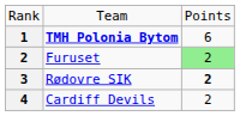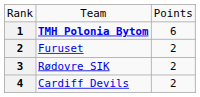 <table class="wikitable" style="text-align: center;">
 <tr>
 <td>Rank</td>
 <td>Team</td>
 <td>Points</td>
 </tr>
 <tr>
 <th>1</th>
 <td style="text-align: left;"> <strong><a href='#'>TMH Polonia Bytom</a></strong></td>
 <td>6</td>
 </tr>
 <tr>
 <th>2</th>
 <td style="text-align: left;"> <a href='#'>Furuset</a></td>
-<td style="background: lightgreen;">2</td>
+<td>2</td>
 </tr>
 <tr>
 <th>3</th>
 <td style="text-align: left;"> <a href='#'>Rødovre SIK</a></td>
-<td><strong>2</strong></td>
+<td>2</td>
 </tr>
 <tr>
 <th>4</th>
 <td style="text-align: left;"> <a href='#'>Cardiff Devils</a></td>
 <td>2</td>
 </tr>
 </table>
